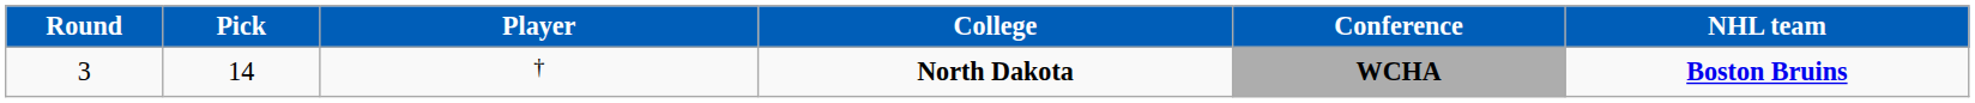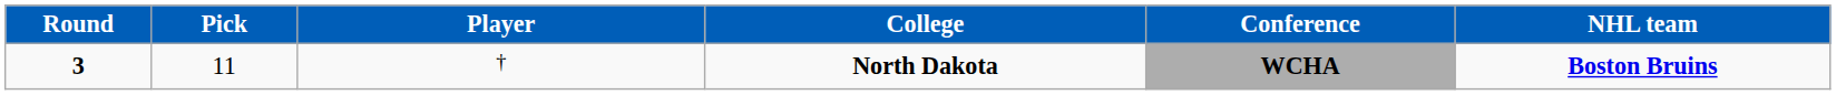 <table class="wikitable sortable" width="75%">
 <tr>
 <th style="color:white; background-color:#005EB8; width: 4em;">Round</th>
 <th style="color:white; background-color:#005EB8; width: 4em;">Pick</th>
 <th style="color:white; background-color:#005EB8; width: 12em;">Player</th>
 <th style="color:white; background-color:#005EB8; width: 13em;">College</th>
 <th style="color:white; background-color:#005EB8; width: 9em;">Conference</th>
 <th style="color:white; background-color:#005EB8; width: 11em;">NHL team</th>
 </tr>
 <tr align="center" bgcolor="">
-<td>3</td>
-<td>14</td>
+<td><strong>3</strong></td>
+<td>11</td>
 <td> <sup>†</sup></td>
 <td><strong>North Dakota</strong></td>
 <td style="color:black; background:#ADADAD; "><strong>WCHA</strong></td>
 <td><strong><a href='#'>Boston Bruins</a></strong></td>
 </tr>
 </table>
